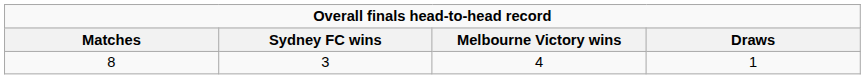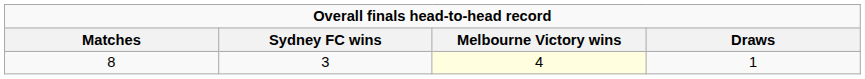 <table class="wikitable" style="font-size:90%; width:95%; text-align:center">
 <tr>
 <td colspan="4"><strong>Overall finals head-to-head record</strong></td>
 </tr>
 <tr>
 <th width="25%">Matches</th>
 <th width="25%">Sydney FC wins</th>
 <th width="25%">Melbourne Victory wins</th>
 <th width="25%">Draws</th>
 </tr>
 <tr>
 <td>8</td>
 <td>3</td>
-<td>4</td>
+<td style="background: lightyellow;">4</td>
 <td>1</td>
 </tr>
 </table>
